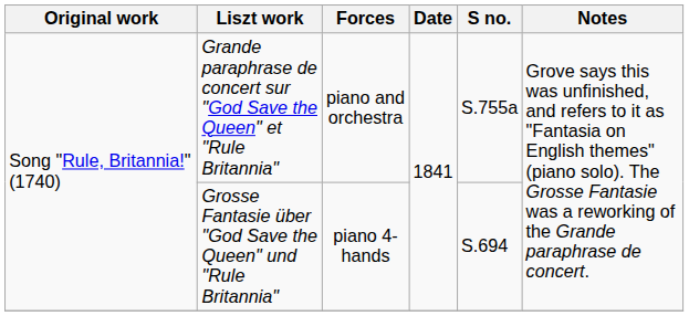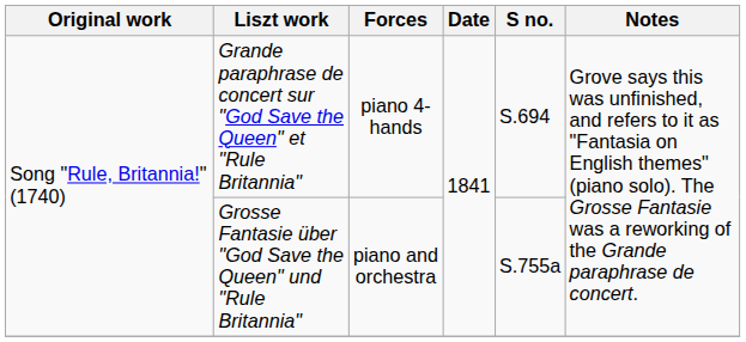 <table class="wikitable">
 <tr>
 <th>Original work</th>
 <th>Liszt work</th>
 <th>Forces</th>
 <th>Date</th>
 <th>S no.</th>
 <th>Notes</th>
 </tr>
 <tr>
 <td rowspan=2>Song "<a href='#'>Rule, Britannia!</a>" (1740)</td>
 <td><em>Grande paraphrase de concert sur "<a href='#'>God Save the Queen</a>" et "Rule Britannia"</em></td>
-<td style="text-align: center">piano and orchestra</td>
+<td style="text-align: center">piano 4-hands</td>
 <td rowspan=2>1841</td>
-<td>S.755a</td>
+<td>S.694</td>
 <td rowspan=2>Grove says this was unfinished, and refers to it as "Fantasia on English themes" (piano solo). The <em>Grosse Fantasie</em> was a reworking of the <em>Grande paraphrase de concert</em>.</td>
 </tr>
 <tr>
 <td><em>Grosse Fantasie über "God Save the Queen" und "Rule Britannia"</em></td>
-<td style="text-align: center">piano 4-hands</td>
-<td>S.694</td>
+<td style="text-align: center">piano and orchestra</td>
+<td>S.755a</td>
 </tr>
 <tr>
 </tr>
 </table>
